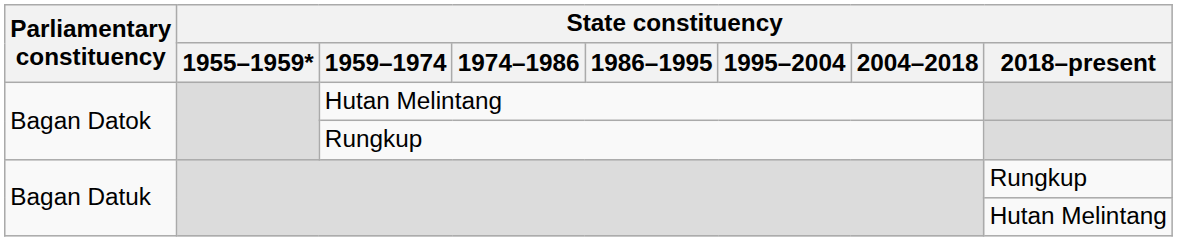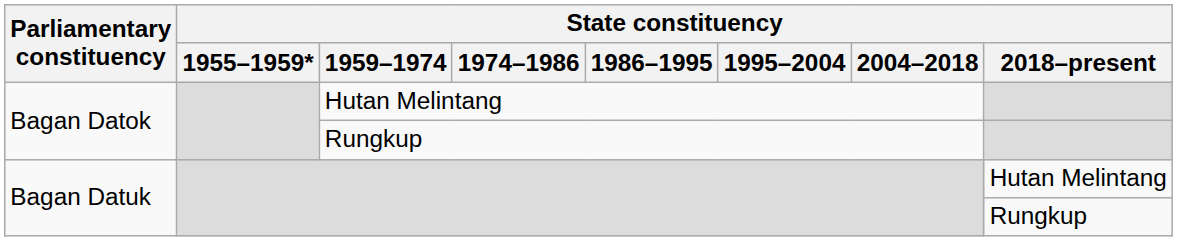 <table class="wikitable">
 <tr>
 <th rowspan="2">Parliamentary<br>constituency</th>
 <th colspan="7">State constituency</th>
 </tr>
 <tr>
 <th>1955–1959*</th>
 <th>1959–1974</th>
 <th>1974–1986</th>
 <th>1986–1995</th>
 <th>1995–2004</th>
 <th>2004–2018</th>
 <th>2018–present</th>
 </tr>
 <tr>
 <td rowspan="2">Bagan Datok</td>
 <td rowspan="2" bgcolor="dcdcdc"></td>
 <td colspan="5">Hutan Melintang</td>
 <td bgcolor="dcdcdc"></td>
 </tr>
 <tr>
 <td colspan="5">Rungkup</td>
 <td bgcolor="dcdcdc"></td>
 </tr>
 <tr>
 <td rowspan="2">Bagan Datuk</td>
 <td colspan="6" rowspan="2" bgcolor="dcdcdc"></td>
+<td>Hutan Melintang</td>
+</tr>
+<tr>
 <td>Rungkup</td>
 </tr>
-<tr>
-<td>Hutan Melintang</td>
-</tr>
 </table>
